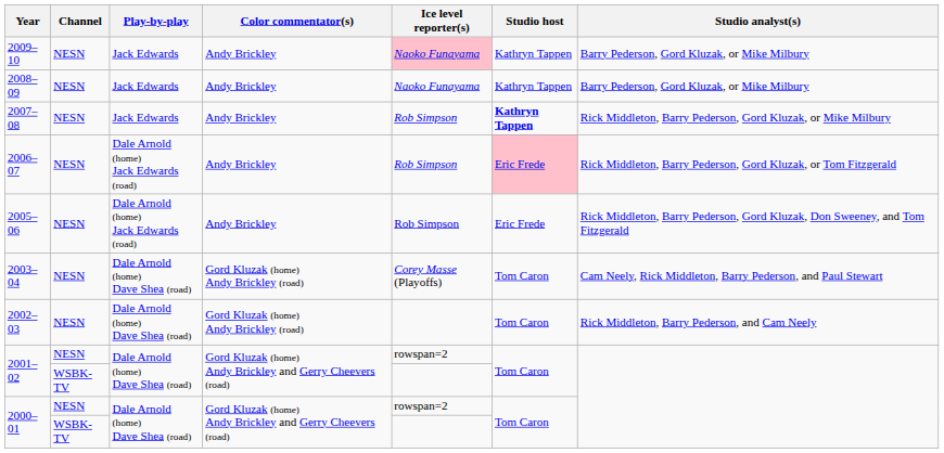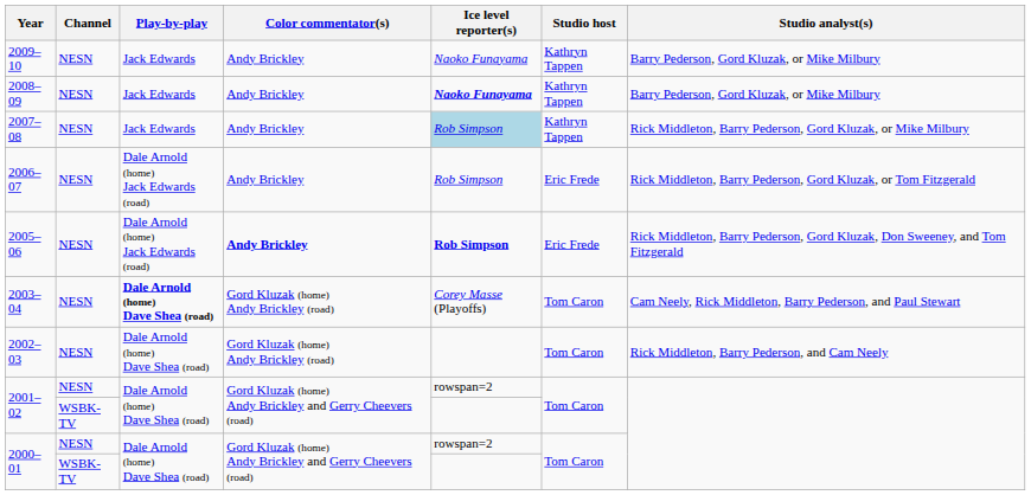 <table class="wikitable">
 <tr>
 <th>Year</th>
 <th>Channel</th>
 <th><a href='#'>Play-by-play</a></th>
 <th><a href='#'>Color commentator</a>(s)</th>
 <th>Ice level reporter(s)</th>
 <th>Studio host</th>
 <th>Studio analyst(s)</th>
 </tr>
 <tr>
 <td><a href='#'>2009–10</a></td>
 <td><a href='#'>NESN</a></td>
 <td><a href='#'>Jack Edwards</a></td>
 <td><a href='#'>Andy Brickley</a></td>
-<td style="background: pink;"><em><a href='#'>Naoko Funayama</a></em></td>
+<td><em><a href='#'>Naoko Funayama</a></em></td>
 <td><a href='#'>Kathryn Tappen</a></td>
 <td><a href='#'>Barry Pederson</a>, <a href='#'>Gord Kluzak</a>, or <a href='#'>Mike Milbury</a></td>
 </tr>
 <tr>
 <td><a href='#'>2008–09</a></td>
 <td><a href='#'>NESN</a></td>
 <td><a href='#'>Jack Edwards</a></td>
 <td><a href='#'>Andy Brickley</a></td>
-<td><em><a href='#'>Naoko Funayama</a></em></td>
+<td><strong><em><a href='#'>Naoko Funayama</a></em></strong></td>
 <td><a href='#'>Kathryn Tappen</a></td>
 <td><a href='#'>Barry Pederson</a>, <a href='#'>Gord Kluzak</a>, or <a href='#'>Mike Milbury</a></td>
 </tr>
 <tr>
 <td><a href='#'>2007–08</a></td>
 <td><a href='#'>NESN</a></td>
 <td><a href='#'>Jack Edwards</a></td>
 <td><a href='#'>Andy Brickley</a></td>
-<td><em><a href='#'>Rob Simpson</a></em></td>
-<td><strong><a href='#'>Kathryn Tappen</a></strong></td>
+<td style="background: lightblue;"><em><a href='#'>Rob Simpson</a></em></td>
+<td><a href='#'>Kathryn Tappen</a></td>
 <td><a href='#'>Rick Middleton</a>, <a href='#'>Barry Pederson</a>, <a href='#'>Gord Kluzak</a>, or <a href='#'>Mike Milbury</a></td>
 </tr>
 <tr>
 <td><a href='#'>2006–07</a></td>
 <td><a href='#'>NESN</a></td>
 <td><a href='#'>Dale Arnold</a> <small>(home)</small><br><a href='#'>Jack Edwards</a> <small>(road)</small></td>
 <td><a href='#'>Andy Brickley</a></td>
 <td><em><a href='#'>Rob Simpson</a></em></td>
-<td style="background: pink;"><a href='#'>Eric Frede</a></td>
+<td><a href='#'>Eric Frede</a></td>
 <td><a href='#'>Rick Middleton</a>, <a href='#'>Barry Pederson</a>, <a href='#'>Gord Kluzak</a>, or <a href='#'>Tom Fitzgerald</a></td>
 </tr>
 <tr>
 <td><a href='#'>2005–06</a></td>
 <td><a href='#'>NESN</a></td>
 <td><a href='#'>Dale Arnold</a> <small>(home)</small><br><a href='#'>Jack Edwards</a> <small>(road)</small></td>
-<td><a href='#'>Andy Brickley</a></td>
-<td><a href='#'>Rob Simpson</a></td>
+<td><strong><a href='#'>Andy Brickley</a></strong></td>
+<td><strong><a href='#'>Rob Simpson</a></strong></td>
 <td><a href='#'>Eric Frede</a></td>
 <td><a href='#'>Rick Middleton</a>, <a href='#'>Barry Pederson</a>, <a href='#'>Gord Kluzak</a>, <a href='#'>Don Sweeney</a>, and <a href='#'>Tom Fitzgerald</a></td>
 </tr>
 <tr>
 <td><a href='#'>2003–04</a></td>
 <td><a href='#'>NESN</a></td>
-<td><a href='#'>Dale Arnold</a> <small>(home)</small><br><a href='#'>Dave Shea</a> <small>(road)</small></td>
+<td><strong><a href='#'>Dale Arnold</a> <small>(home)</small><br><a href='#'>Dave Shea</a> <small>(road)</small></strong></td>
 <td><a href='#'>Gord Kluzak</a> <small>(home)</small><br><a href='#'>Andy Brickley</a> <small>(road)</small></td>
 <td><em><a href='#'>Corey Masse</a></em><br>(Playoffs)</td>
 <td><a href='#'>Tom Caron</a></td>
 <td><a href='#'>Cam Neely</a>, <a href='#'>Rick Middleton</a>, <a href='#'>Barry Pederson</a>, and <a href='#'>Paul Stewart</a></td>
 </tr>
 <tr>
 <td><a href='#'>2002–03</a></td>
 <td><a href='#'>NESN</a></td>
 <td><a href='#'>Dale Arnold</a> <small>(home)</small><br><a href='#'>Dave Shea</a> <small>(road)</small></td>
 <td><a href='#'>Gord Kluzak</a> <small>(home)</small><br><a href='#'>Andy Brickley</a> <small>(road)</small></td>
 <td></td>
 <td><a href='#'>Tom Caron</a></td>
 <td><a href='#'>Rick Middleton</a>, <a href='#'>Barry Pederson</a>, and <a href='#'>Cam Neely</a></td>
 </tr>
 <tr>
 <td rowspan=2><a href='#'>2001–02</a></td>
 <td><a href='#'>NESN</a></td>
 <td rowspan=2><a href='#'>Dale Arnold</a> <small>(home)</small><br><a href='#'>Dave Shea</a> <small>(road)</small></td>
 <td rowspan=2><a href='#'>Gord Kluzak</a> <small>(home)</small><br><a href='#'>Andy Brickley</a> and <a href='#'>Gerry Cheevers</a> <small>(road)</small></td>
 <td>rowspan=2 </td>
 <td rowspan=2><a href='#'>Tom Caron</a></td>
 </tr>
 <tr>
 <td><a href='#'>WSBK-TV</a></td>
 </tr>
 <tr>
 <td rowspan=2><a href='#'>2000–01</a></td>
 <td><a href='#'>NESN</a></td>
 <td rowspan=2><a href='#'>Dale Arnold</a> <small>(home)</small><br><a href='#'>Dave Shea</a> <small>(road)</small></td>
 <td rowspan=2><a href='#'>Gord Kluzak</a> <small>(home)</small><br><a href='#'>Andy Brickley</a> and <a href='#'>Gerry Cheevers</a> <small>(road)</small></td>
 <td>rowspan=2 </td>
 <td rowspan=2><a href='#'>Tom Caron</a></td>
 </tr>
 <tr>
 <td><a href='#'>WSBK-TV</a></td>
 </tr>
 </table>
